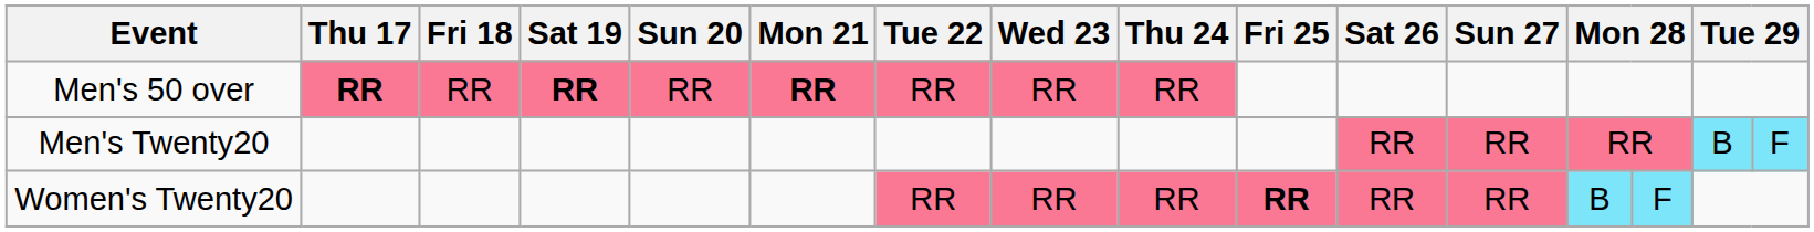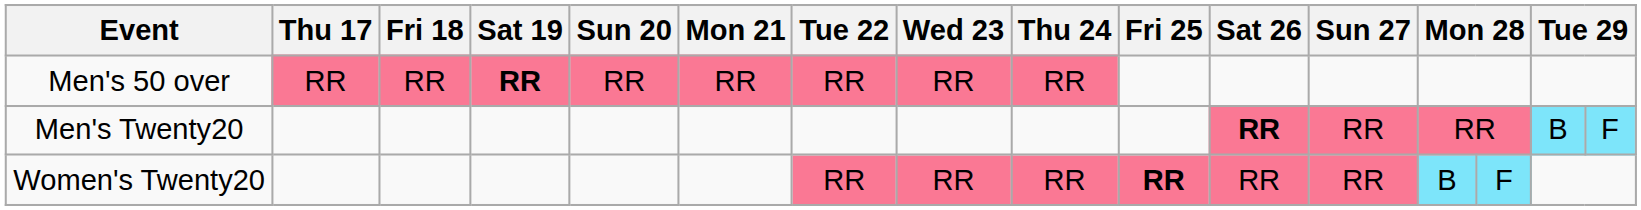 <table class="wikitable" style="margin:0.5em auto; font-size:90%; line-height:1.25em; text-align:center">
 <tr>
 <th>Event</th>
 <th>Thu 17</th>
 <th>Fri 18</th>
 <th>Sat 19</th>
 <th>Sun 20</th>
 <th>Mon 21</th>
 <th>Tue 22</th>
 <th>Wed 23</th>
 <th>Thu 24</th>
 <th>Fri 25</th>
 <th>Sat 26</th>
 <th>Sun 27</th>
 <th colspan="2">Mon 28</th>
 <th colspan="2">Tue 29</th>
 </tr>
 <tr>
 <td>Men's 50 over</td>
-<td bgcolor="#FA7894"><strong>RR</strong></td>
+<td bgcolor="#FA7894">RR</td>
 <td bgcolor="#FA7894">RR</td>
 <td bgcolor="#FA7894"><strong>RR</strong></td>
 <td bgcolor="#FA7894">RR</td>
-<td bgcolor="#FA7894"><strong>RR</strong></td>
+<td bgcolor="#FA7894">RR</td>
 <td bgcolor="#FA7894">RR</td>
 <td bgcolor="#FA7894">RR</td>
 <td bgcolor="#FA7894">RR</td>
 <td></td>
 <td></td>
 <td></td>
 <td colspan="2"></td>
 <td colspan="2"></td>
 </tr>
 <tr>
 <td>Men's Twenty20</td>
 <td></td>
 <td></td>
 <td></td>
 <td></td>
 <td></td>
 <td></td>
 <td></td>
 <td></td>
 <td></td>
-<td bgcolor="#FA7894">RR</td>
+<td bgcolor="#FA7894"><strong>RR</strong></td>
 <td bgcolor="#FA7894">RR</td>
 <td colspan="2" bgcolor="#FA7894">RR</td>
 <td bgcolor="#7DE5FA">B</td>
 <td bgcolor="#7DE5FA">F</td>
 </tr>
 <tr>
 <td>Women's Twenty20</td>
 <td></td>
 <td></td>
 <td></td>
 <td></td>
 <td></td>
 <td bgcolor="#FA7894">RR</td>
 <td bgcolor="#FA7894">RR</td>
 <td bgcolor="#FA7894">RR</td>
 <td bgcolor="#FA7894"><strong>RR</strong></td>
 <td bgcolor="#FA7894">RR</td>
 <td bgcolor="#FA7894">RR</td>
 <td bgcolor="#7DE5FA">B</td>
 <td bgcolor="#7DE5FA">F</td>
 <td colspan="2"></td>
 </tr>
 </table>
